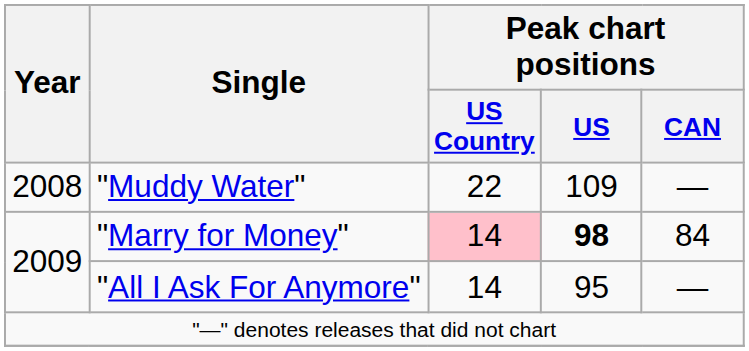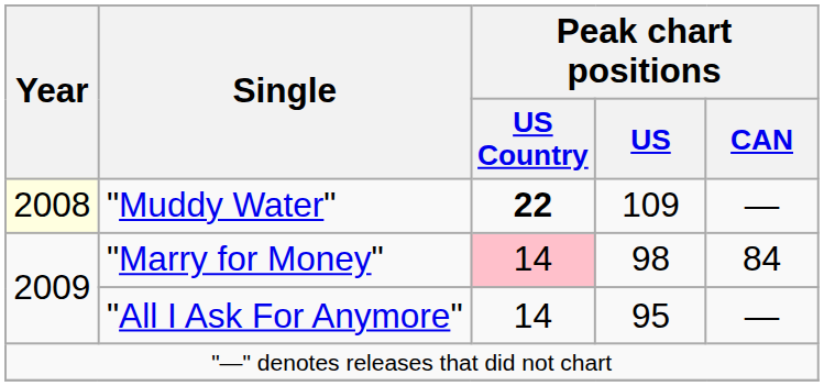 <table class="wikitable" style="text-align:center;">
 <tr>
 <th rowspan="2">Year</th>
 <th rowspan="2">Single</th>
 <th colspan="3">Peak chart positions</th>
 </tr>
 <tr style="font-size:smaller;">
 <th width="45"><a href='#'>US Country</a></th>
 <th width="45"><a href='#'>US</a><br></th>
 <th width="45"><a href='#'>CAN</a></th>
 </tr>
 <tr>
-<td>2008</td>
+<td style="background: lightyellow;">2008</td>
 <td align="left">"<a href='#'>Muddy Water</a>"</td>
-<td>22</td>
+<td><strong>22</strong></td>
 <td>109</td>
 <td>—</td>
 </tr>
 <tr>
 <td rowspan="2">2009</td>
 <td align="left">"<a href='#'>Marry for Money</a>"</td>
 <td style="background: pink;">14</td>
-<td><strong>98</strong></td>
+<td>98</td>
 <td>84</td>
 </tr>
 <tr>
 <td align="left">"<a href='#'>All I Ask For Anymore</a>"</td>
 <td>14</td>
 <td>95</td>
 <td>—</td>
 </tr>
 <tr>
 <td colspan="5" style="font-size:8pt">"—" denotes releases that did not chart</td>
 </tr>
 <tr>
 </tr>
 </table>
